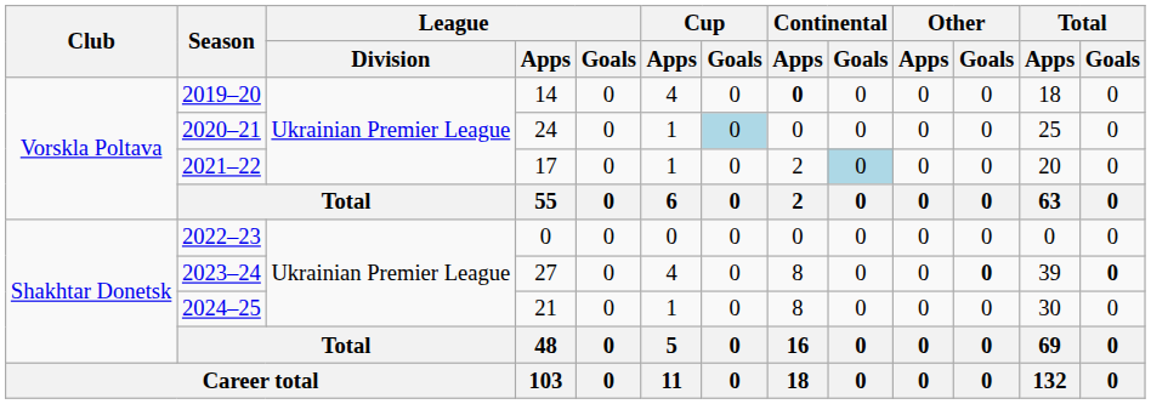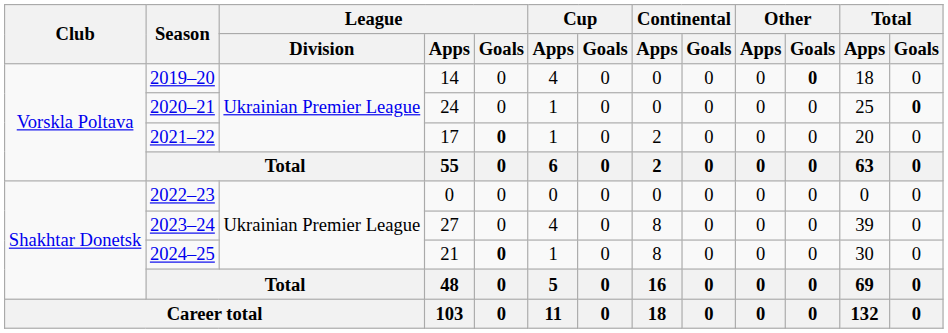 <table class="wikitable mw-collapsible" style="text-align:center">
 <tr>
 <th rowspan="2">Club</th>
 <th rowspan="2">Season</th>
 <th colspan="3">League</th>
 <th colspan="2">Cup</th>
 <th colspan="2">Continental</th>
 <th colspan="2">Other</th>
 <th colspan="2">Total</th>
 </tr>
 <tr>
 <th>Division</th>
 <th>Apps</th>
 <th>Goals</th>
 <th>Apps</th>
 <th>Goals</th>
 <th>Apps</th>
 <th>Goals</th>
 <th>Apps</th>
 <th>Goals</th>
 <th>Apps</th>
 <th>Goals</th>
 </tr>
 <tr>
 <td rowspan="4"><a href='#'>Vorskla Poltava</a></td>
 <td><a href='#'>2019–20</a></td>
 <td rowspan="3"><a href='#'>Ukrainian Premier League</a></td>
 <td>14</td>
 <td>0</td>
 <td>4</td>
 <td>0</td>
-<td><strong>0</strong></td>
 <td>0</td>
 <td>0</td>
 <td>0</td>
+<td><strong>0</strong></td>
 <td>18</td>
 <td>0</td>
 </tr>
 <tr>
 <td><a href='#'>2020–21</a></td>
 <td>24</td>
 <td>0</td>
 <td>1</td>
-<td style="background: lightblue;">0</td>
+<td>0</td>
 <td>0</td>
 <td>0</td>
 <td>0</td>
 <td>0</td>
 <td>25</td>
-<td>0</td>
+<td><strong>0</strong></td>
 </tr>
 <tr>
 <td><a href='#'>2021–22</a></td>
 <td>17</td>
-<td>0</td>
+<td><strong>0</strong></td>
 <td>1</td>
 <td>0</td>
 <td>2</td>
-<td style="background: lightblue;">0</td>
+<td>0</td>
 <td>0</td>
 <td>0</td>
 <td>20</td>
 <td>0</td>
 </tr>
 <tr>
 <th colspan="2">Total</th>
 <th>55</th>
 <th>0</th>
 <th>6</th>
 <th>0</th>
 <th>2</th>
 <th>0</th>
 <th>0</th>
 <th>0</th>
 <th>63</th>
 <th>0</th>
 </tr>
 <tr>
 <td rowspan="4"><a href='#'>Shakhtar Donetsk</a></td>
 <td><a href='#'>2022–23</a></td>
 <td rowspan="3">Ukrainian Premier League</td>
 <td>0</td>
 <td>0</td>
 <td>0</td>
 <td>0</td>
 <td>0</td>
 <td>0</td>
 <td>0</td>
 <td>0</td>
 <td>0</td>
 <td>0</td>
 </tr>
 <tr>
 <td><a href='#'>2023–24</a></td>
 <td>27</td>
 <td>0</td>
 <td>4</td>
 <td>0</td>
 <td>8</td>
 <td>0</td>
 <td>0</td>
-<td><strong>0</strong></td>
+<td>0</td>
 <td>39</td>
-<td><strong>0</strong></td>
+<td>0</td>
 </tr>
 <tr>
 <td><a href='#'>2024–25</a></td>
 <td>21</td>
-<td>0</td>
+<td><strong>0</strong></td>
 <td>1</td>
 <td>0</td>
 <td>8</td>
 <td>0</td>
 <td>0</td>
 <td>0</td>
 <td>30</td>
 <td>0</td>
 </tr>
 <tr>
 <th colspan="2">Total</th>
 <th>48</th>
 <th>0</th>
 <th>5</th>
 <th>0</th>
 <th>16</th>
 <th>0</th>
 <th>0</th>
 <th>0</th>
 <th>69</th>
 <th>0</th>
 </tr>
 <tr>
 <th colspan="3">Career total</th>
 <th>103</th>
 <th>0</th>
 <th>11</th>
 <th>0</th>
 <th>18</th>
 <th>0</th>
 <th>0</th>
 <th>0</th>
 <th>132</th>
 <th>0</th>
 </tr>
 </table>
